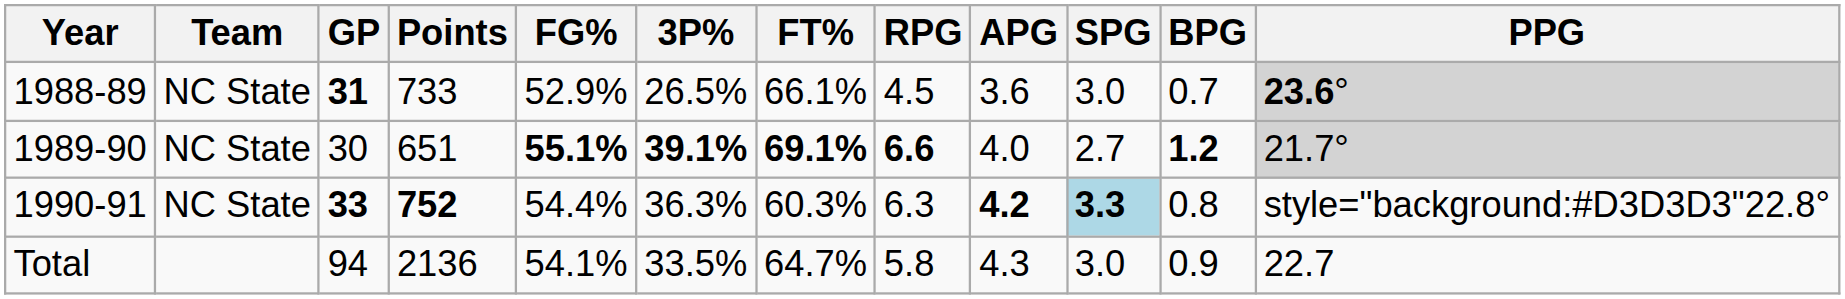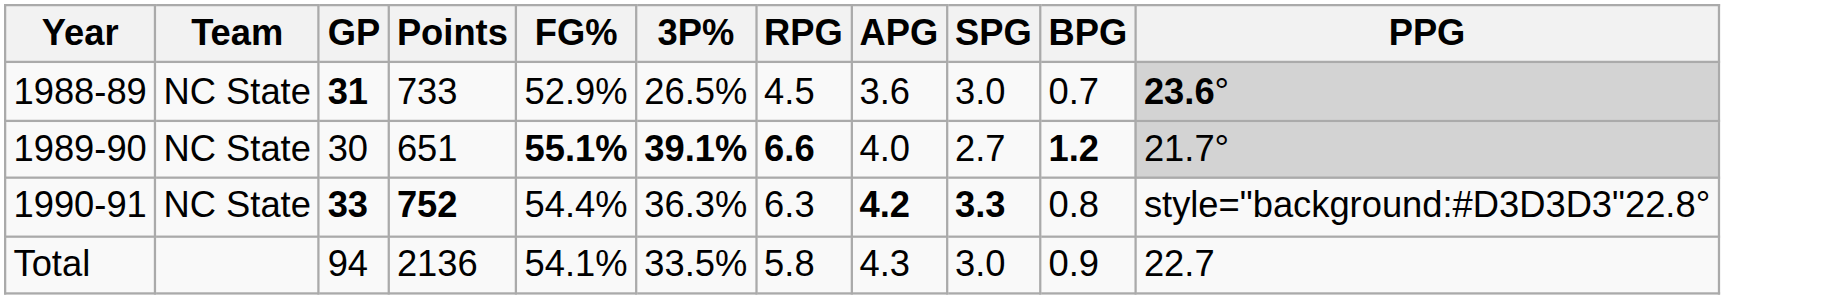 <table class="wikitable">
 <tr>
 <th>Year</th>
 <th>Team</th>
 <th>GP</th>
 <th>Points</th>
 <th>FG%</th>
 <th>3P%</th>
-<th>FT%</th>
 <th>RPG</th>
 <th>APG</th>
 <th>SPG</th>
 <th>BPG</th>
 <th>PPG</th>
 </tr>
 <tr>
 <td>1988-89</td>
 <td>NC State</td>
 <td><strong>31</strong></td>
 <td>733</td>
 <td>52.9%</td>
 <td>26.5%</td>
-<td>66.1%</td>
 <td>4.5</td>
 <td>3.6</td>
 <td>3.0</td>
 <td>0.7</td>
 <td style="background:#D3D3D3"><strong>23.6</strong>°</td>
 </tr>
 <tr>
 <td>1989-90</td>
 <td>NC State</td>
 <td>30</td>
 <td>651</td>
 <td><strong>55.1%</strong></td>
 <td><strong>39.1%</strong></td>
-<td><strong>69.1%</strong></td>
 <td><strong>6.6</strong></td>
 <td>4.0</td>
 <td>2.7</td>
 <td><strong>1.2</strong></td>
 <td style="background:#D3D3D3">21.7°</td>
 </tr>
 <tr>
 <td>1990-91</td>
 <td>NC State</td>
 <td><strong>33</strong></td>
 <td><strong>752</strong></td>
 <td>54.4%</td>
 <td>36.3%</td>
-<td>60.3%</td>
 <td>6.3</td>
 <td><strong>4.2</strong></td>
-<td style="background: lightblue;"><strong>3.3</strong></td>
+<td><strong>3.3</strong></td>
 <td>0.8</td>
 <td>style="background:#D3D3D3"22.8°</td>
 </tr>
 <tr>
 <td>Total</td>
 <td></td>
 <td>94</td>
 <td>2136</td>
 <td>54.1%</td>
 <td>33.5%</td>
-<td>64.7%</td>
 <td>5.8</td>
 <td>4.3</td>
 <td>3.0</td>
 <td>0.9</td>
 <td>22.7</td>
 </tr>
 </table>
